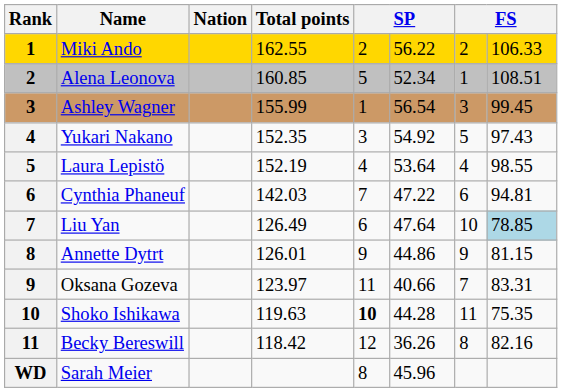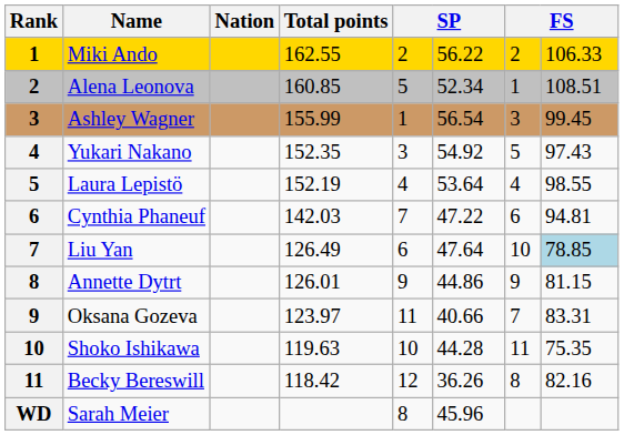 <table class="wikitable sortable">
 <tr>
 <th>Rank</th>
 <th>Name</th>
 <th>Nation</th>
 <th>Total points</th>
 <th colspan="2" style="width:80px;"><a href='#'>SP</a></th>
 <th colspan="2" style="width:80px;"><a href='#'>FS</a></th>
 </tr>
 <tr style="background:gold;">
 <td style="text-align:center;"><strong>1</strong></td>
 <td><a href='#'>Miki Ando</a></td>
 <td></td>
 <td>162.55</td>
 <td>2</td>
 <td>56.22</td>
 <td>2</td>
 <td>106.33</td>
 </tr>
 <tr style="background:silver;">
 <td style="text-align:center;"><strong>2</strong></td>
 <td><a href='#'>Alena Leonova</a></td>
 <td></td>
 <td>160.85</td>
 <td>5</td>
 <td>52.34</td>
 <td>1</td>
 <td>108.51</td>
 </tr>
 <tr style="background:#c96;">
 <td style="text-align:center;"><strong>3</strong></td>
 <td><a href='#'>Ashley Wagner</a></td>
 <td></td>
 <td>155.99</td>
 <td>1</td>
 <td>56.54</td>
 <td>3</td>
 <td>99.45</td>
 </tr>
 <tr>
 <th>4</th>
 <td><a href='#'>Yukari Nakano</a></td>
 <td></td>
 <td>152.35</td>
 <td>3</td>
 <td>54.92</td>
 <td>5</td>
 <td>97.43</td>
 </tr>
 <tr>
 <th>5</th>
 <td><a href='#'>Laura Lepistö</a></td>
 <td></td>
 <td>152.19</td>
 <td>4</td>
 <td>53.64</td>
 <td>4</td>
 <td>98.55</td>
 </tr>
 <tr>
 <th>6</th>
 <td><a href='#'>Cynthia Phaneuf</a></td>
 <td></td>
 <td>142.03</td>
 <td>7</td>
 <td>47.22</td>
 <td>6</td>
 <td>94.81</td>
 </tr>
 <tr>
 <th>7</th>
 <td><a href='#'>Liu Yan</a></td>
 <td></td>
 <td>126.49</td>
 <td>6</td>
 <td>47.64</td>
 <td>10</td>
 <td style="background: lightblue;">78.85</td>
 </tr>
 <tr>
 <th>8</th>
 <td><a href='#'>Annette Dytrt</a></td>
 <td></td>
 <td>126.01</td>
 <td>9</td>
 <td>44.86</td>
 <td>9</td>
 <td>81.15</td>
 </tr>
 <tr>
 <th>9</th>
 <td>Oksana Gozeva</td>
 <td></td>
 <td>123.97</td>
 <td>11</td>
 <td>40.66</td>
 <td>7</td>
 <td>83.31</td>
 </tr>
 <tr>
 <th>10</th>
 <td><a href='#'>Shoko Ishikawa</a></td>
 <td></td>
 <td>119.63</td>
-<td><strong>10</strong></td>
+<td>10</td>
 <td>44.28</td>
 <td>11</td>
 <td>75.35</td>
 </tr>
 <tr>
 <th>11</th>
 <td><a href='#'>Becky Bereswill</a></td>
 <td></td>
 <td>118.42</td>
 <td>12</td>
 <td>36.26</td>
 <td>8</td>
 <td>82.16</td>
 </tr>
 <tr>
 <th>WD</th>
 <td><a href='#'>Sarah Meier</a></td>
 <td></td>
 <td></td>
 <td>8</td>
 <td>45.96</td>
 <td></td>
 <td></td>
 </tr>
 </table>
